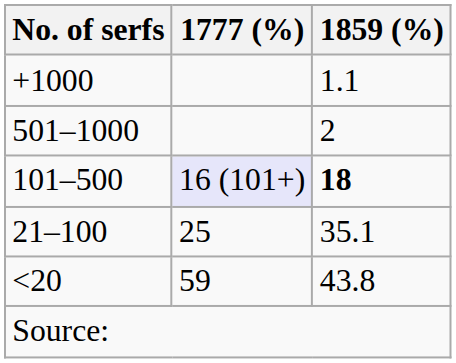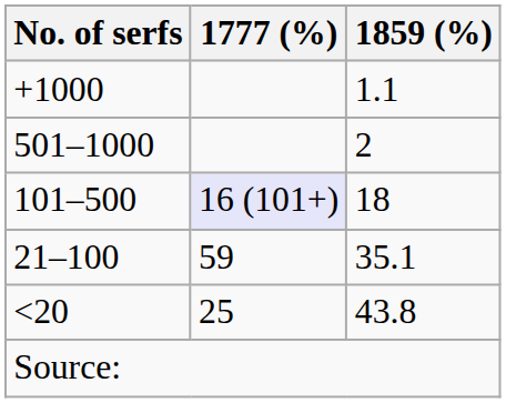 <table class="wikitable">
 <tr>
 <th>No. of serfs</th>
 <th>1777 (%)</th>
 <th>1859 (%)</th>
 </tr>
 <tr>
 <td>+1000</td>
 <td></td>
 <td>1.1</td>
 </tr>
 <tr>
 <td>501–1000</td>
 <td></td>
 <td>2</td>
 </tr>
 <tr>
 <td>101–500</td>
 <td style="background: lavender;">16 (101+)</td>
-<td><strong>18</strong></td>
+<td>18</td>
 </tr>
 <tr>
 <td>21–100</td>
-<td>25</td>
+<td>59</td>
 <td>35.1</td>
 </tr>
 <tr>
 <td><20</td>
-<td>59</td>
+<td>25</td>
 <td>43.8</td>
 </tr>
 <tr>
 <td colspan="3">Source:</td>
 </tr>
 </table>
